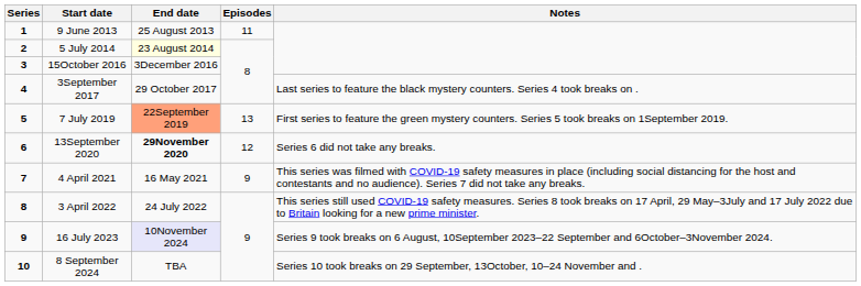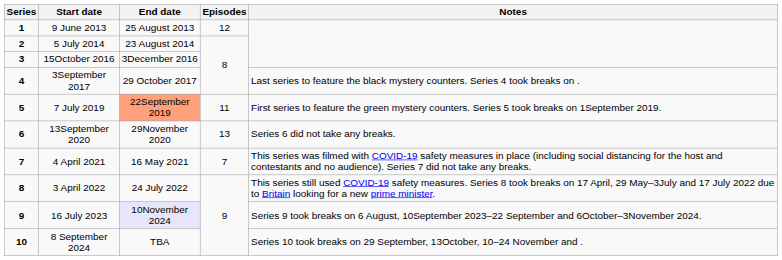 <table class="wikitable sticky-header" style="text-align:center;">
 <tr>
 <th>Series</th>
 <th>Start date</th>
 <th>End date</th>
 <th>Episodes</th>
 <th>Notes</th>
 </tr>
 <tr>
 <td><strong>1</strong></td>
 <td>9 June 2013</td>
 <td>25 August 2013</td>
-<td>11</td>
+<td>12</td>
 <td rowspan="3" style="text-align:left;"></td>
 </tr>
 <tr>
 <td><strong>2</strong></td>
 <td>5 July 2014</td>
-<td style="background: lightyellow;">23 August 2014</td>
+<td>23 August 2014</td>
 <td rowspan="3">8</td>
 </tr>
 <tr>
 <td><strong>3</strong></td>
 <td>15October 2016</td>
 <td>3December 2016</td>
 </tr>
 <tr>
 <td><strong>4</strong></td>
 <td>3September 2017</td>
 <td>29 October 2017</td>
 <td style="text-align:left;">Last series to feature the black mystery counters. Series 4 took breaks on .</td>
 </tr>
 <tr>
 <td><strong>5</strong></td>
 <td>7 July 2019</td>
 <td style="background: lightsalmon;">22September 2019</td>
-<td>13</td>
+<td>11</td>
 <td style="text-align:left;">First series to feature the green mystery counters. Series 5 took breaks on 1September 2019.</td>
 </tr>
 <tr>
 <td><strong>6</strong></td>
 <td>13September 2020</td>
-<td><strong>29November 2020</strong></td>
-<td>12</td>
+<td>29November 2020</td>
+<td>13</td>
 <td style="text-align:left;">Series 6 did not take any breaks.</td>
 </tr>
 <tr>
 <td><strong>7</strong></td>
 <td>4 April 2021</td>
 <td>16 May 2021</td>
-<td>9</td>
+<td>7</td>
 <td style="text-align:left;">This series was filmed with <a href='#'>COVID-19</a> safety measures in place (including social distancing for the host and contestants and no audience). Series 7 did not take any breaks.</td>
 </tr>
 <tr>
 <td><strong>8</strong></td>
 <td>3 April 2022</td>
 <td>24 July 2022</td>
 <td rowspan="3">9</td>
 <td style="text-align:left;">This series still used <a href='#'>COVID-19</a> safety measures. Series 8 took breaks on 17 April, 29 May–3July and 17 July 2022 due to <a href='#'>Britain</a> looking for a new <a href='#'>prime minister</a>.</td>
 </tr>
 <tr>
 <td><strong>9</strong></td>
 <td>16 July 2023</td>
 <td style="background: lavender;">10November 2024</td>
 <td style="text-align:left;">Series 9 took breaks on 6 August, 10September 2023–22 September and 6October–3November 2024.</td>
 </tr>
 <tr>
 <td><strong>10</strong></td>
 <td>8 September 2024</td>
 <td>TBA</td>
 <td style="text-align:left;">Series 10 took breaks on 29 September, 13October, 10–24 November and .</td>
 </tr>
 </table>
